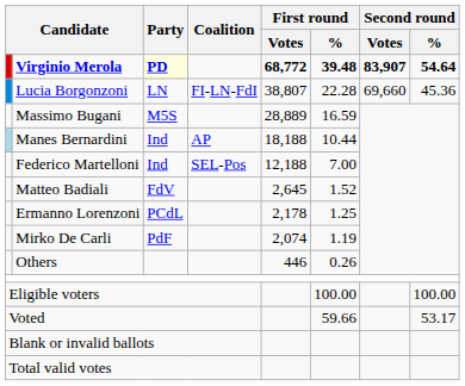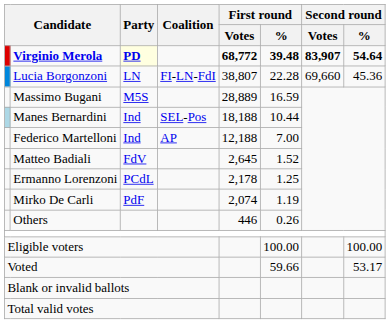 <table class="wikitable centre">
 <tr>
 <th scope="col" rowspan=2 colspan=2>Candidate</th>
 <th scope="col" rowspan=2 colspan=1>Party</th>
 <th scope="col" rowspan=2 colspan=1>Coalition</th>
 <th scope="col" colspan=2>First round</th>
 <th scope="col" colspan=2>Second round</th>
 </tr>
 <tr>
 <th scope="col">Votes</th>
 <th scope="col">%</th>
 <th scope="col">Votes</th>
 <th scope="col">%</th>
 </tr>
 <tr>
 <td bgcolor="#dd0000"></td>
 <td><strong><a href='#'>Virginio Merola</a></strong></td>
 <td style="background: lightyellow;"><strong><a href='#'>PD</a></strong></td>
 <td></td>
 <td style="text-align: right"><strong>68,772</strong></td>
 <td style="text-align: right"><strong>39.48</strong></td>
 <td style="text-align: right"><strong>83,907</strong></td>
 <td style="text-align: right"><strong>54.64</strong></td>
 </tr>
 <tr>
 <td bgcolor="#0087DC"></td>
 <td><a href='#'>Lucia Borgonzoni</a></td>
 <td><a href='#'>LN</a></td>
 <td><a href='#'>FI</a>-<a href='#'>LN</a>-<a href='#'>FdI</a></td>
 <td style="text-align: right">38,807</td>
 <td style="text-align: right">22.28</td>
 <td style="text-align: right">69,660</td>
 <td style="text-align: right">45.36</td>
 </tr>
 <tr>
 <td></td>
 <td>Massimo Bugani</td>
 <td><a href='#'>M5S</a></td>
 <td></td>
 <td style="text-align: right">28,889</td>
 <td style="text-align: right">16.59</td>
 </tr>
 <tr>
 <td bgcolor="lightblue"></td>
 <td>Manes Bernardini</td>
 <td><a href='#'>Ind</a></td>
-<td><a href='#'>AP</a></td>
+<td><a href='#'>SEL</a>-<a href='#'>Pos</a></td>
 <td style="text-align: right">18,188</td>
 <td style="text-align: right">10.44</td>
 </tr>
 <tr>
 <td></td>
 <td>Federico Martelloni</td>
 <td><a href='#'>Ind</a></td>
-<td><a href='#'>SEL</a>-<a href='#'>Pos</a></td>
+<td><a href='#'>AP</a></td>
 <td style="text-align: right">12,188</td>
 <td style="text-align: right">7.00</td>
 </tr>
 <tr>
 <td></td>
 <td>Matteo Badiali</td>
 <td><a href='#'>FdV</a></td>
 <td></td>
 <td style="text-align: right">2,645</td>
 <td style="text-align: right">1.52</td>
 </tr>
 <tr>
 <td></td>
 <td>Ermanno Lorenzoni</td>
 <td><a href='#'>PCdL</a></td>
 <td></td>
 <td style="text-align: right">2,178</td>
 <td style="text-align: right">1.25</td>
 </tr>
 <tr>
 <td></td>
 <td>Mirko De Carli</td>
 <td><a href='#'>PdF</a></td>
 <td></td>
 <td style="text-align: right">2,074</td>
 <td style="text-align: right">1.19</td>
 </tr>
 <tr>
 <td bgcolor=""></td>
 <td>Others</td>
 <td></td>
 <td></td>
 <td style="text-align: right">446</td>
 <td style="text-align: right">0.26</td>
 </tr>
 <tr bgcolor=white>
 <td colspan=8></td>
 </tr>
 <tr>
 <td colspan=4>Eligible voters</td>
 <td style="text-align: right"></td>
 <td style="text-align: right">100.00</td>
 <td style="text-align: right"></td>
 <td style="text-align: right">100.00</td>
 </tr>
 <tr>
 <td colspan=4>Voted</td>
 <td style="text-align: right"></td>
 <td style="text-align: right">59.66</td>
 <td style="text-align: right"></td>
 <td style="text-align: right">53.17</td>
 </tr>
 <tr>
 <td colspan=4>Blank or invalid ballots</td>
 <td style="text-align: right"></td>
 <td style="text-align: right"></td>
 <td style="text-align: right"></td>
 <td style="text-align: right"></td>
 </tr>
 <tr>
 <td colspan=4>Total valid votes</td>
 <td style="text-align: right"></td>
 <td style="text-align: right"></td>
 <td style="text-align: right"></td>
 <td style="text-align: right"></td>
 </tr>
 </table>
